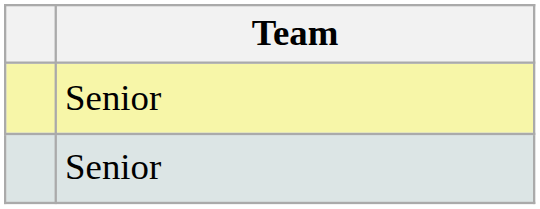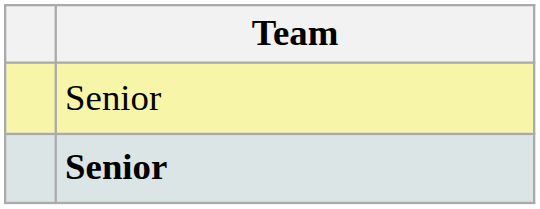 <table class="wikitable" style="text-align:center">
 <tr>
 <th width=15></th>
 <th width=200>Team</th>
 </tr>
 <tr style="background:#f7f6a8;">
 <td style="text-align:center; height:23px;"></td>
 <td align=left> Senior</td>
 </tr>
 <tr style="background:#dce5e5;">
 <td style="text-align:center; height:23px;"></td>
-<td align=left> Senior</td>
+<td align=left><strong> Senior</strong></td>
 </tr>
 </table>
